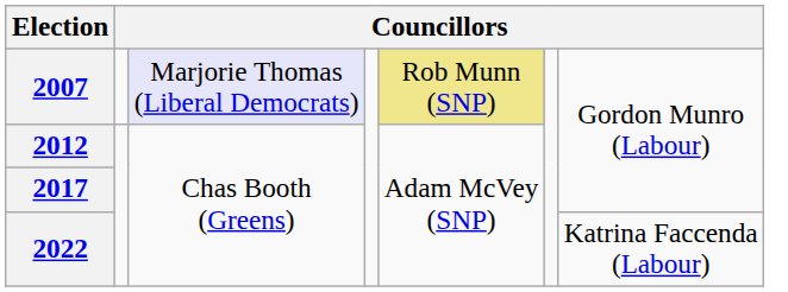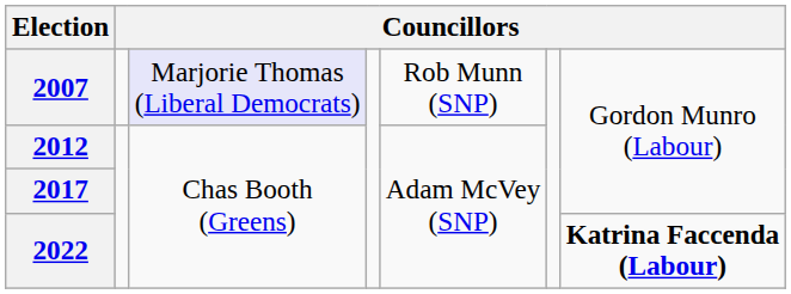 <table class="wikitable" style="text-align:center">
 <tr>
 <th>Election</th>
 <th colspan=8>Councillors</th>
 </tr>
 <tr>
 <th><a href='#'>2007</a></th>
 <td rowspan=1; style="background-color: "></td>
 <td rowspan=1 style="background: lavender;">Marjorie Thomas<br>(<a href='#'>Liberal Democrats</a>)</td>
 <td rowspan=4; style="background-color: "></td>
-<td rowspan=1 style="background: khaki;">Rob Munn<br>(<a href='#'>SNP</a>)</td>
+<td rowspan=1>Rob Munn<br>(<a href='#'>SNP</a>)</td>
 <td rowspan=4; style="background-color: "></td>
 <td rowspan=3>Gordon Munro<br>(<a href='#'>Labour</a>)</td>
 </tr>
 <tr>
 <th><a href='#'>2012</a></th>
 <td rowspan=3; style="background-color: "></td>
 <td rowspan=3>Chas Booth<br>(<a href='#'>Greens</a>)</td>
 <td rowspan=3>Adam McVey<br>(<a href='#'>SNP</a>)</td>
 </tr>
 <tr>
 <th><a href='#'>2017</a></th>
 </tr>
 <tr>
 <th><a href='#'>2022</a></th>
-<td rowspan=1>Katrina Faccenda<br>(<a href='#'>Labour</a>)</td>
+<td rowspan=1><strong>Katrina Faccenda<br>(<a href='#'>Labour</a>)</strong></td>
 </tr>
 </table>
